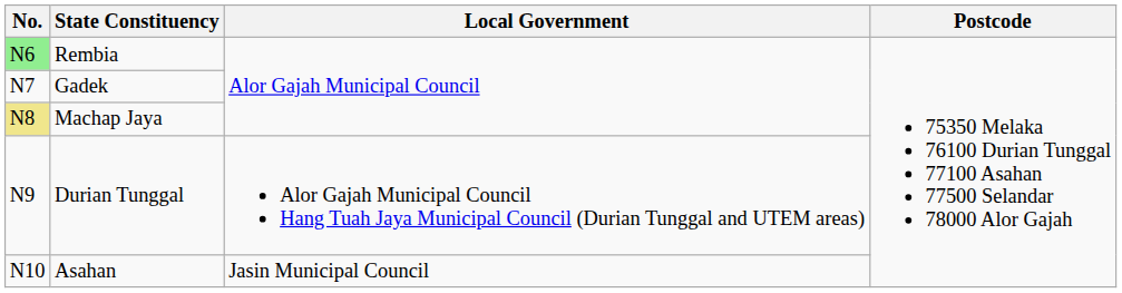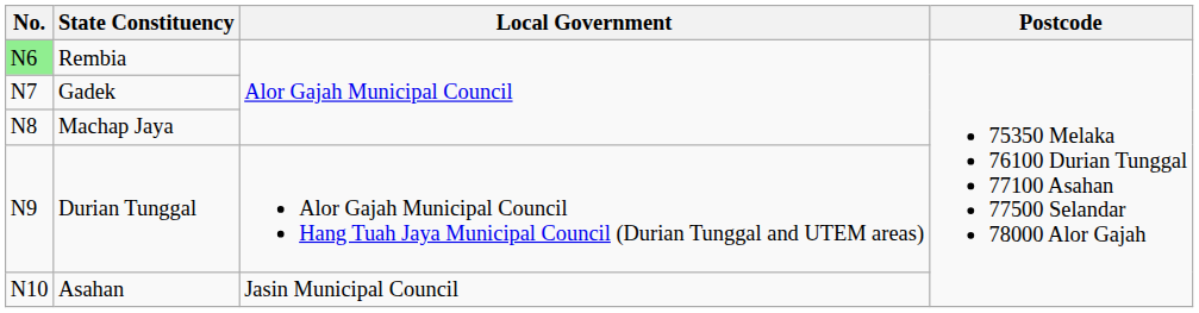 <table class="wikitable">
 <tr>
 <th>No.</th>
 <th>State Constituency</th>
 <th>Local Government</th>
 <th>Postcode</th>
 </tr>
 <tr>
 <td style="background: lightgreen;">N6</td>
 <td>Rembia</td>
 <td rowspan="3"><a href='#'>Alor Gajah Municipal Council</a></td>
 <td rowspan="5"><br><ul><li>75350 Melaka</li><li>76100 Durian Tunggal</li><li>77100 Asahan</li><li>77500 Selandar</li><li>78000 Alor Gajah</li></ul></td>
 </tr>
 <tr>
 <td>N7</td>
 <td>Gadek</td>
 </tr>
 <tr>
-<td style="background: khaki;">N8</td>
+<td>N8</td>
 <td>Machap Jaya</td>
 </tr>
 <tr>
 <td>N9</td>
 <td>Durian Tunggal</td>
 <td><br><ul><li>Alor Gajah Municipal Council</li><li><a href='#'>Hang Tuah Jaya Municipal Council</a> (Durian Tunggal and UTEM areas)</li></ul></td>
 </tr>
 <tr>
 <td>N10</td>
 <td>Asahan</td>
 <td>Jasin Municipal Council</td>
 </tr>
 </table>
